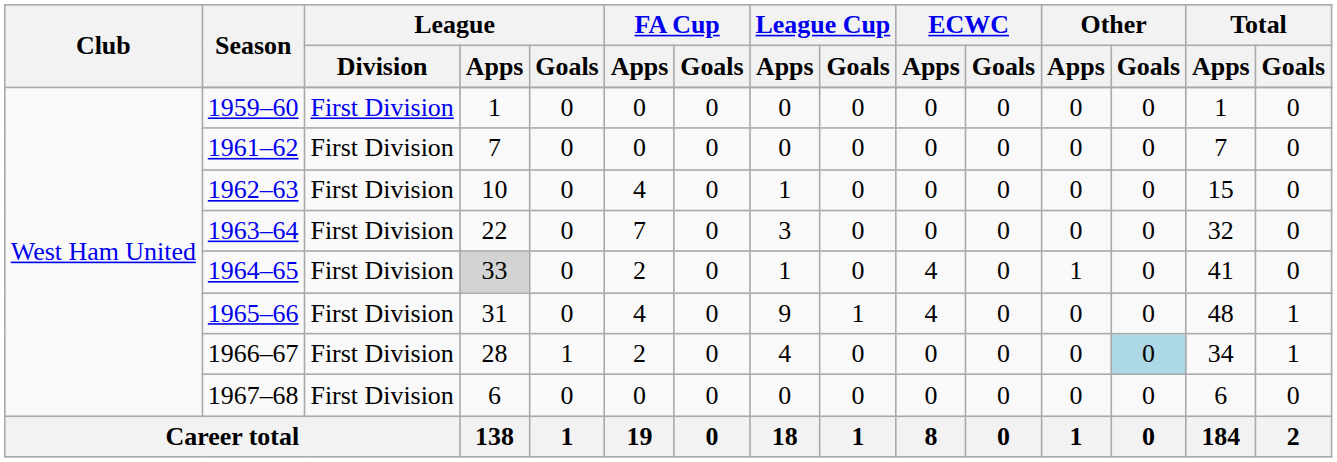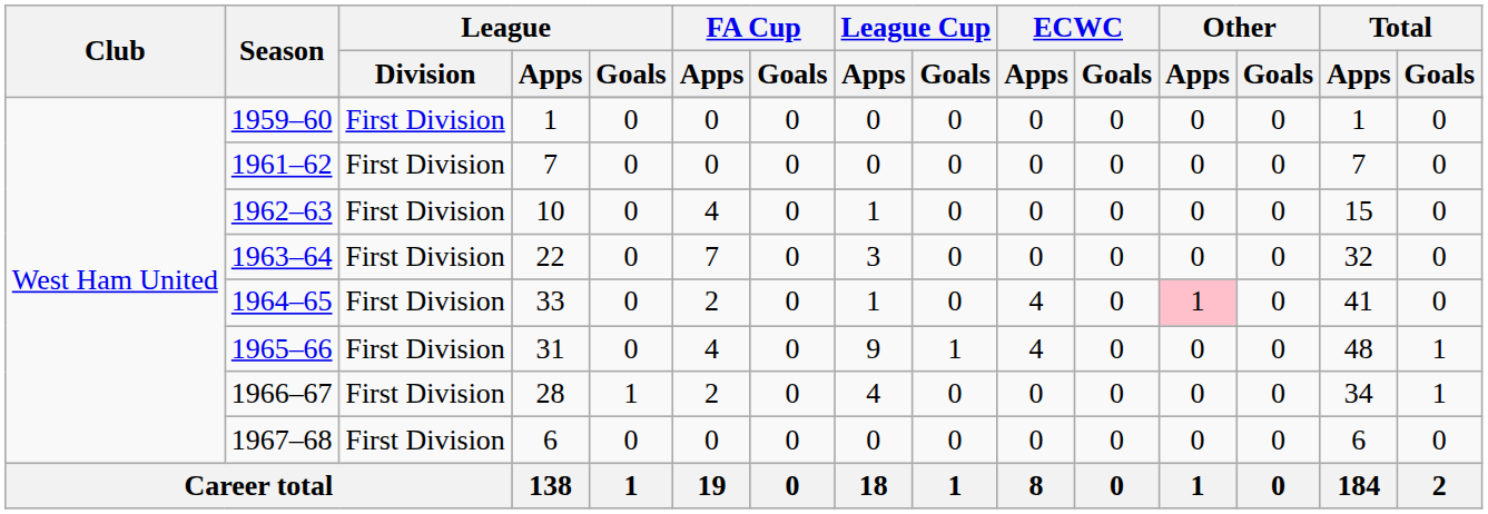 <table class="wikitable" style="text-align:center">
 <tr>
 <th rowspan="2">Club</th>
 <th rowspan="2">Season</th>
 <th colspan="3">League</th>
 <th colspan="2"><a href='#'>FA Cup</a></th>
 <th colspan="2"><a href='#'>League Cup</a></th>
 <th colspan="2"><a href='#'>ECWC</a></th>
 <th colspan="2">Other</th>
 <th colspan="2">Total</th>
 </tr>
 <tr>
 <th>Division</th>
 <th>Apps</th>
 <th>Goals</th>
 <th>Apps</th>
 <th>Goals</th>
 <th>Apps</th>
 <th>Goals</th>
 <th>Apps</th>
 <th>Goals</th>
 <th>Apps</th>
 <th>Goals</th>
 <th>Apps</th>
 <th>Goals</th>
 </tr>
 <tr>
 <td rowspan="9"><a href='#'>West Ham United</a></td>
 </tr>
 <tr>
 <td><a href='#'>1959–60</a></td>
 <td><a href='#'>First Division</a></td>
 <td>1</td>
 <td>0</td>
 <td>0</td>
 <td>0</td>
 <td>0</td>
 <td>0</td>
 <td>0</td>
 <td>0</td>
 <td>0</td>
 <td>0</td>
 <td>1</td>
 <td>0</td>
 </tr>
 <tr>
 <td><a href='#'>1961–62</a></td>
 <td>First Division</td>
 <td>7</td>
 <td>0</td>
 <td>0</td>
 <td>0</td>
 <td>0</td>
 <td>0</td>
 <td>0</td>
 <td>0</td>
 <td>0</td>
 <td>0</td>
 <td>7</td>
 <td>0</td>
 </tr>
 <tr>
 <td><a href='#'>1962–63</a></td>
 <td>First Division</td>
 <td>10</td>
 <td>0</td>
 <td>4</td>
 <td>0</td>
 <td>1</td>
 <td>0</td>
 <td>0</td>
 <td>0</td>
 <td>0</td>
 <td>0</td>
 <td>15</td>
 <td>0</td>
 </tr>
 <tr>
 <td><a href='#'>1963–64</a></td>
 <td>First Division</td>
 <td>22</td>
 <td>0</td>
 <td>7</td>
 <td>0</td>
 <td>3</td>
 <td>0</td>
 <td>0</td>
 <td>0</td>
 <td>0</td>
 <td>0</td>
 <td>32</td>
 <td>0</td>
 </tr>
 <tr>
 <td><a href='#'>1964–65</a></td>
 <td>First Division</td>
-<td style="background: lightgrey;">33</td>
+<td>33</td>
 <td>0</td>
 <td>2</td>
 <td>0</td>
 <td>1</td>
 <td>0</td>
 <td>4</td>
 <td>0</td>
-<td>1</td>
+<td style="background: pink;">1</td>
 <td>0</td>
 <td>41</td>
 <td>0</td>
 </tr>
 <tr>
 <td><a href='#'>1965–66</a></td>
 <td>First Division</td>
 <td>31</td>
 <td>0</td>
 <td>4</td>
 <td>0</td>
 <td>9</td>
 <td>1</td>
 <td>4</td>
 <td>0</td>
 <td>0</td>
 <td>0</td>
 <td>48</td>
 <td>1</td>
 </tr>
 <tr>
 <td>1966–67</td>
 <td>First Division</td>
 <td>28</td>
 <td>1</td>
 <td>2</td>
 <td>0</td>
 <td>4</td>
 <td>0</td>
 <td>0</td>
 <td>0</td>
 <td>0</td>
-<td style="background: lightblue;">0</td>
+<td>0</td>
 <td>34</td>
 <td>1</td>
 </tr>
 <tr>
 <td>1967–68</td>
 <td>First Division</td>
 <td>6</td>
 <td>0</td>
 <td>0</td>
 <td>0</td>
 <td>0</td>
 <td>0</td>
 <td>0</td>
 <td>0</td>
 <td>0</td>
 <td>0</td>
 <td>6</td>
 <td>0</td>
 </tr>
 <tr>
 <th colspan="3">Career total</th>
 <th>138</th>
 <th>1</th>
 <th>19</th>
 <th>0</th>
 <th>18</th>
 <th>1</th>
 <th>8</th>
 <th>0</th>
 <th>1</th>
 <th>0</th>
 <th>184</th>
 <th>2</th>
 </tr>
 </table>
